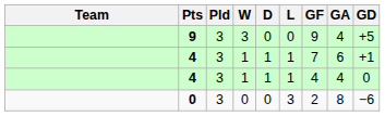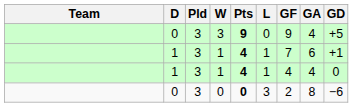 <table class="wikitable" style="text-align:center;">
 <tr>
 <th width=200>Team</th>
-<th width=20>Pts</th>
+<th width=20>D</th>
 <th width=20>Pld</th>
 <th width=20>W</th>
-<th width=20>D</th>
+<th width=20>Pts</th>
 <th width=20>L</th>
 <th width=20>GF</th>
 <th width=20>GA</th>
 <th width=20>GD</th>
 </tr>
 <tr style="background:#cfc;">
 <td style="text-align:left"></td>
-<td><strong>9</strong></td>
+<td>0</td>
 <td>3</td>
 <td>3</td>
-<td>0</td>
+<td><strong>9</strong></td>
 <td>0</td>
 <td>9</td>
 <td>4</td>
 <td>+5</td>
 </tr>
 <tr style="background:#cfc;">
 <td style="text-align:left"></td>
-<td><strong>4</strong></td>
+<td>1</td>
 <td>3</td>
 <td>1</td>
-<td>1</td>
+<td><strong>4</strong></td>
 <td>1</td>
 <td>7</td>
 <td>6</td>
 <td>+1</td>
 </tr>
 <tr style="background:#cfc;">
 <td style="text-align:left"><strong></strong></td>
-<td><strong>4</strong></td>
+<td>1</td>
 <td>3</td>
 <td>1</td>
-<td>1</td>
+<td><strong>4</strong></td>
 <td>1</td>
 <td>4</td>
 <td>4</td>
 <td>0</td>
 </tr>
 <tr>
 <td style="text-align:left"></td>
-<td><strong>0</strong></td>
+<td>0</td>
 <td>3</td>
 <td>0</td>
-<td>0</td>
+<td><strong>0</strong></td>
 <td>3</td>
 <td>2</td>
 <td>8</td>
 <td>−6</td>
 </tr>
 </table>
